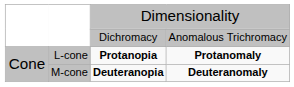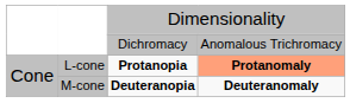 <table class="wikitable" style = "float: right; margin-left:15px">
 <tr style="background-color:#ffffff;">
 <td style="border-style: none;"></td>
 <td style="border-style: none;"></td>
 <td colspan="2" style="text-align:center; font-size:22px; background-color:#c0c0c0;">Dimensionality</td>
 </tr>
 <tr style="background-color:#ffffff;">
 <td style="border-style: none;"></td>
 <td style="border-style: none;"></td>
 <td style="text-align:center; background-color:#c0c0c0;">Dichromacy</td>
 <td style="text-align:center; background-color:#c0c0c0;">Anomalous Trichromacy</td>
 </tr>
 <tr style="text-align:center;">
 <td rowspan="2" style="vertical-align:middle; font-size:22px; background-color:#c0c0c0; text-align:left;">Cone</td>
 <td style="text-align:right; background-color:#c0c0c0;">L-cone</td>
 <td style="font-weight:bold;">Protanopia</td>
-<td style="font-weight:bold;">Protanomaly</td>
+<td style="background: lightsalmon; font-weight:bold;">Protanomaly</td>
 </tr>
 <tr style="text-align:center;">
 <td style="text-align:right; background-color:#c0c0c0;">M-cone</td>
 <td style="font-weight:bold;">Deuteranopia</td>
 <td style="font-weight:bold;">Deuteranomaly</td>
 </tr>
 </table>
